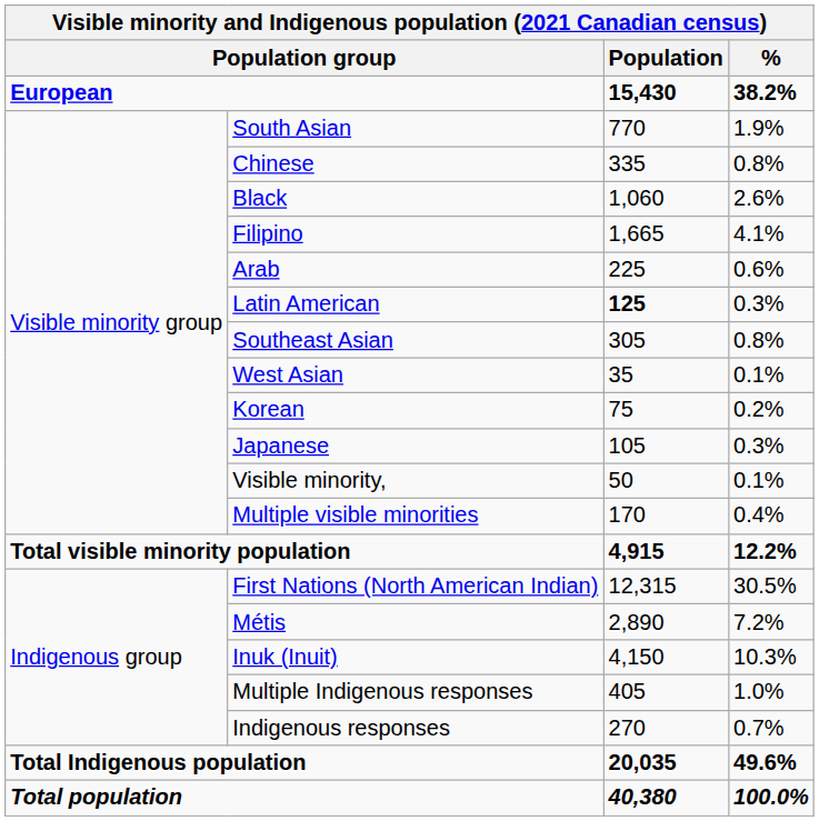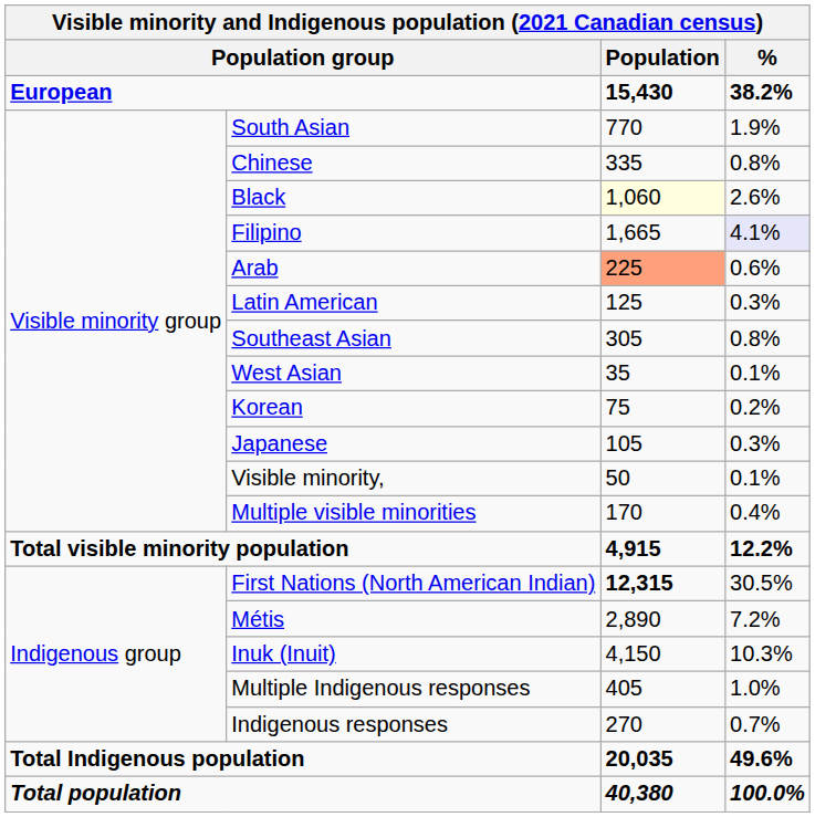 <table class="wikitable">
 <tr>
 <th colspan="4">Visible minority and Indigenous population (<a href='#'>2021 Canadian census</a>)</th>
 </tr>
 <tr>
 <th colspan="2">Population group</th>
 <th>Population</th>
 <th>%</th>
 </tr>
 <tr>
 <td colspan="2"><strong><a href='#'>European</a></strong></td>
 <td><strong>15,430</strong></td>
 <td><strong>38.2%</strong></td>
 </tr>
 <tr>
 <td rowspan="12"><a href='#'>Visible minority</a> group</td>
 <td><a href='#'>South Asian</a></td>
 <td>770</td>
 <td>1.9%</td>
 </tr>
 <tr>
 <td><a href='#'>Chinese</a></td>
 <td>335</td>
 <td>0.8%</td>
 </tr>
 <tr>
 <td><a href='#'>Black</a></td>
-<td>1,060</td>
+<td style="background: lightyellow;">1,060</td>
 <td>2.6%</td>
 </tr>
 <tr>
 <td><a href='#'>Filipino</a></td>
 <td>1,665</td>
-<td>4.1%</td>
+<td style="background: lavender;">4.1%</td>
 </tr>
 <tr>
 <td><a href='#'>Arab</a></td>
-<td>225</td>
+<td style="background: lightsalmon;">225</td>
 <td>0.6%</td>
 </tr>
 <tr>
 <td><a href='#'>Latin American</a></td>
-<td><strong>125</strong></td>
+<td>125</td>
 <td>0.3%</td>
 </tr>
 <tr>
 <td><a href='#'>Southeast Asian</a></td>
 <td>305</td>
 <td>0.8%</td>
 </tr>
 <tr>
 <td><a href='#'>West Asian</a></td>
 <td>35</td>
 <td>0.1%</td>
 </tr>
 <tr>
 <td><a href='#'>Korean</a></td>
 <td>75</td>
 <td>0.2%</td>
 </tr>
 <tr>
 <td><a href='#'>Japanese</a></td>
 <td>105</td>
 <td>0.3%</td>
 </tr>
 <tr>
 <td>Visible minority, </td>
 <td>50</td>
 <td>0.1%</td>
 </tr>
 <tr>
 <td><a href='#'>Multiple visible minorities</a></td>
 <td>170</td>
 <td>0.4%</td>
 </tr>
 <tr>
 <td colspan="2"><strong>Total visible minority population</strong></td>
 <td><strong>4,915</strong></td>
 <td><strong>12.2%</strong></td>
 </tr>
 <tr>
 <td rowspan="5"><a href='#'>Indigenous</a> group</td>
 <td><a href='#'>First Nations (North American Indian)</a></td>
-<td>12,315</td>
+<td><strong>12,315</strong></td>
 <td>30.5%</td>
 </tr>
 <tr>
 <td><a href='#'>Métis</a></td>
 <td>2,890</td>
 <td>7.2%</td>
 </tr>
 <tr>
 <td><a href='#'>Inuk (Inuit)</a></td>
 <td>4,150</td>
 <td>10.3%</td>
 </tr>
 <tr>
 <td>Multiple Indigenous responses</td>
 <td>405</td>
 <td>1.0%</td>
 </tr>
 <tr>
 <td>Indigenous responses </td>
 <td>270</td>
 <td>0.7%</td>
 </tr>
 <tr>
 <td colspan="2"><strong>Total Indigenous population</strong></td>
 <td><strong>20,035</strong></td>
 <td><strong>49.6%</strong></td>
 </tr>
 <tr>
 <td colspan="2"><strong><em>Total population</em></strong></td>
 <td><strong><em>40,380</em></strong></td>
 <td><strong><em>100.0%</em></strong></td>
 </tr>
 </table>
